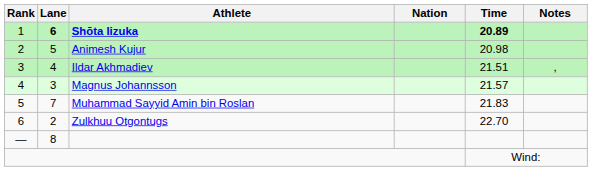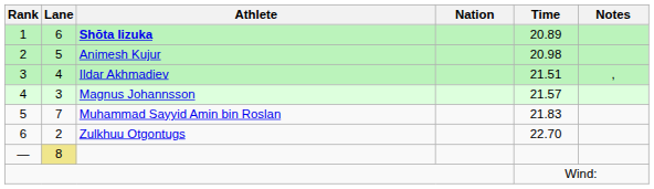 <table class="wikitable sortable" style="text-align:center;width: 65%;">
 <tr>
 <th scope="col" style="width: 10px;">Rank</th>
 <th scope="col" style="width: 10px;">Lane</th>
 <th scope="col">Athlete</th>
 <th scope="col">Nation</th>
 <th scope="col">Time</th>
 <th scope="col">Notes</th>
 </tr>
 <tr bgcolor=bbf3bb>
 <td>1</td>
-<td><strong>6</strong></td>
+<td>6</td>
 <td align="left"><strong><a href='#'>Shōta Iizuka</a></strong></td>
 <td align="left"></td>
-<td><strong>20.89</strong></td>
+<td>20.89</td>
 <td></td>
 </tr>
 <tr bgcolor=bbf3bb>
 <td>2</td>
 <td>5</td>
 <td align="left"><a href='#'>Animesh Kujur</a></td>
 <td align="left"></td>
 <td>20.98</td>
 <td></td>
 </tr>
 <tr bgcolor=bbf3bb>
 <td>3</td>
 <td>4</td>
 <td align="left"><a href='#'>Ildar Akhmadiev</a></td>
 <td align="left"></td>
 <td>21.51</td>
 <td>, </td>
 </tr>
 <tr bgcolor=ddffdd>
 <td>4</td>
 <td>3</td>
 <td align="left"><a href='#'>Magnus Johannsson</a></td>
 <td align="left"></td>
 <td>21.57</td>
 <td></td>
 </tr>
 <tr>
 <td>5</td>
 <td>7</td>
 <td align="left"><a href='#'>Muhammad Sayyid Amin bin Roslan</a></td>
 <td align="left"></td>
 <td>21.83</td>
 <td></td>
 </tr>
 <tr>
 <td>6</td>
 <td>2</td>
 <td align="left"><a href='#'>Zulkhuu Otgontugs</a></td>
 <td align="left"></td>
 <td>22.70</td>
 <td></td>
 </tr>
 <tr>
 <td>—</td>
-<td>8</td>
+<td style="background: khaki;">8</td>
 <td align="left"></td>
 <td align="left"></td>
 <td></td>
 <td></td>
 </tr>
 <tr class="sortbottom">
 <td colspan="4"></td>
 <td colspan="2">Wind: </td>
 </tr>
 </table>
